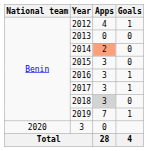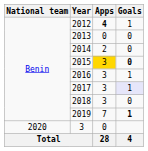 <table class="wikitable" style="text-align:center">
 <tr>
 <th>National team</th>
 <th>Year</th>
 <th>Apps</th>
 <th>Goals</th>
 </tr>
 <tr>
 <td rowspan="8"><a href='#'>Benin</a></td>
 <td>2012</td>
-<td>4</td>
+<td><strong>4</strong></td>
 <td>1</td>
 </tr>
 <tr>
 <td>2013</td>
 <td>0</td>
 <td>0</td>
 </tr>
 <tr>
 <td>2014</td>
-<td style="background: lightsalmon;">2</td>
+<td>2</td>
 <td>0</td>
 </tr>
 <tr>
 <td>2015</td>
-<td>3</td>
-<td>0</td>
+<td style="background: gold;">3</td>
+<td><strong>0</strong></td>
 </tr>
 <tr>
 <td>2016</td>
 <td>3</td>
 <td>1</td>
 </tr>
 <tr>
 <td>2017</td>
 <td>3</td>
-<td>1</td>
+<td style="background: lavender;">1</td>
 </tr>
 <tr>
 <td>2018</td>
-<td style="background: lightgrey;">3</td>
+<td>3</td>
 <td>0</td>
 </tr>
 <tr>
 <td>2019</td>
 <td>7</td>
-<td>1</td>
+<td><strong>1</strong></td>
 </tr>
 <tr>
 <td>2020</td>
 <td>3</td>
 <td>0</td>
 </tr>
 <tr>
 <th colspan="2">Total</th>
 <th>28</th>
 <th>4</th>
 </tr>
 </table>
